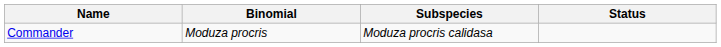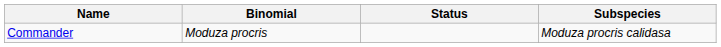 <table width=60% class="wikitable">
 <tr>
 <th width=20%>Name</th>
 <th width=20%>Binomial</th>
+<th width=20%>Status</th>
 <th width=20%>Subspecies</th>
-<th width=20%>Status</th>
 </tr>
 <tr>
 <td><a href='#'>Commander</a><br> </td>
 <td><em>Moduza procris</em></td>
+<td></td>
 <td><em>Moduza procris calidasa</em></td>
-<td></td>
 </tr>
 </table>
